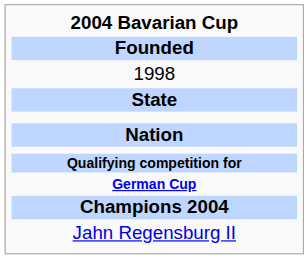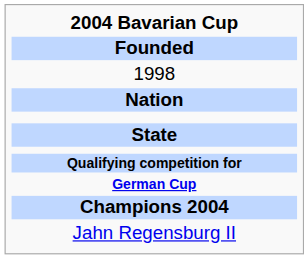 <table class="infobox football" style="width: 16em; text-align: center;">
 <tr>
 <th style="">2004 Bavarian Cup</th>
 </tr>
 <tr>
 <td style="background: #BFD7FF;"><strong>Founded</strong></td>
 </tr>
 <tr>
 <td style="">1998</td>
 </tr>
 <tr>
-<td style="background: #BFD7FF;"><strong>State</strong></td>
+<td style="background: #BFD7FF;"><strong>Nation</strong></td>
 </tr>
 <tr>
 <td style=""></td>
 </tr>
 <tr>
 <td style="line-height: 15px;"></td>
 </tr>
 <tr>
-<td style="background: #BFD7FF;"><strong>Nation</strong></td>
+<td style="background: #BFD7FF;"><strong>State</strong></td>
 </tr>
 <tr>
 <td style=""></td>
 </tr>
 <tr>
 <td style="font-size: 12px; background: #BFD7FF;"><strong>Qualifying competition for</strong></td>
 </tr>
 <tr>
 <td style="font-size: 12px;"><strong><a href='#'>German Cup</a></strong></td>
 </tr>
 <tr>
 <td style="background: #BFD7FF;"><strong>Champions 2004</strong></td>
 </tr>
 <tr>
 <td style=""><a href='#'>Jahn Regensburg II</a></td>
 </tr>
 <tr>
 </tr>
 </table>
